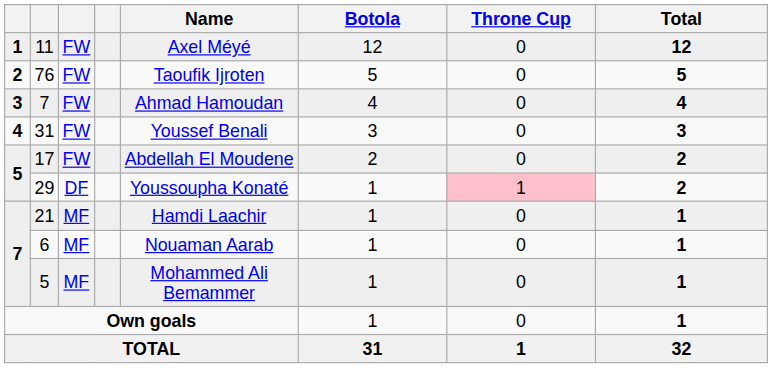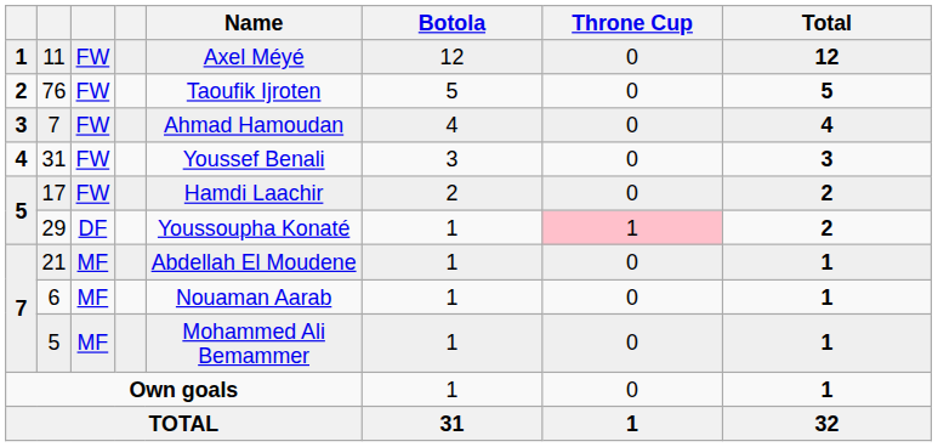 <table class="wikitable sortable" style="font-size: 95%; text-align: center;">
 <tr>
 <th width=15></th>
 <th width=15></th>
 <th width=15></th>
 <th width=15></th>
 <th width=145>Name</th>
 <th width=120><a href='#'>Botola</a></th>
 <th width=120><a href='#'>Throne Cup</a></th>
 <th width=140>Total</th>
 </tr>
 <tr bgcolor="#EFEFEF">
 <td><strong>1</strong></td>
 <td>11</td>
 <td><a href='#'>FW</a></td>
 <td></td>
 <td><a href='#'>Axel Méyé</a></td>
 <td>12 </td>
 <td>0 </td>
 <td><strong>12</strong> </td>
 </tr>
 <tr>
 <td><strong>2</strong></td>
 <td>76</td>
 <td><a href='#'>FW</a></td>
 <td></td>
 <td><a href='#'>Taoufik Ijroten</a></td>
 <td>5 </td>
 <td>0 </td>
 <td><strong>5</strong> </td>
 </tr>
 <tr bgcolor="#EFEFEF">
 <td><strong>3</strong></td>
 <td>7</td>
 <td><a href='#'>FW</a></td>
 <td></td>
 <td><a href='#'>Ahmad Hamoudan</a></td>
 <td>4 </td>
 <td>0 </td>
 <td><strong>4</strong> </td>
 </tr>
 <tr>
 <td><strong>4</strong></td>
 <td>31</td>
 <td><a href='#'>FW</a></td>
 <td></td>
 <td><a href='#'>Youssef Benali</a></td>
 <td>3 </td>
 <td>0 </td>
 <td><strong>3</strong> </td>
 </tr>
 <tr bgcolor="#EFEFEF">
 <td rowspan=2><strong>5</strong></td>
 <td>17</td>
 <td><a href='#'>FW</a></td>
 <td></td>
-<td><a href='#'>Abdellah El Moudene</a></td>
+<td><a href='#'>Hamdi Laachir</a></td>
 <td>2 </td>
 <td>0 </td>
 <td><strong>2</strong> </td>
 </tr>
 <tr>
 <td>29</td>
 <td><a href='#'>DF</a></td>
 <td></td>
 <td><a href='#'>Youssoupha Konaté</a></td>
 <td>1 </td>
 <td style="background: pink;">1 </td>
 <td><strong>2</strong> </td>
 </tr>
 <tr bgcolor="#EFEFEF">
 <td rowspan=3><strong>7</strong></td>
 <td>21</td>
 <td><a href='#'>MF</a></td>
 <td></td>
-<td><a href='#'>Hamdi Laachir</a></td>
+<td><a href='#'>Abdellah El Moudene</a></td>
 <td>1 </td>
 <td>0 </td>
 <td><strong>1</strong> </td>
 </tr>
 <tr>
 <td>6</td>
 <td><a href='#'>MF</a></td>
 <td></td>
 <td><a href='#'>Nouaman Aarab</a></td>
 <td>1 </td>
 <td>0 </td>
 <td><strong>1</strong> </td>
 </tr>
 <tr bgcolor="#EFEFEF">
 <td>5</td>
 <td><a href='#'>MF</a></td>
 <td></td>
 <td><a href='#'>Mohammed Ali Bemammer</a></td>
 <td>1 </td>
 <td>0 </td>
 <td><strong>1</strong> </td>
 </tr>
 <tr>
 <td colspan=5><strong>Own goals</strong></td>
 <td>1 </td>
 <td>0 </td>
 <td><strong>1</strong> </td>
 </tr>
 <tr bgcolor="F1F1F1" >
 <td colspan=5><strong>TOTAL</strong></td>
 <td><strong>31</strong> </td>
 <td><strong>1</strong> </td>
 <td><strong>32</strong> </td>
 </tr>
 </table>
